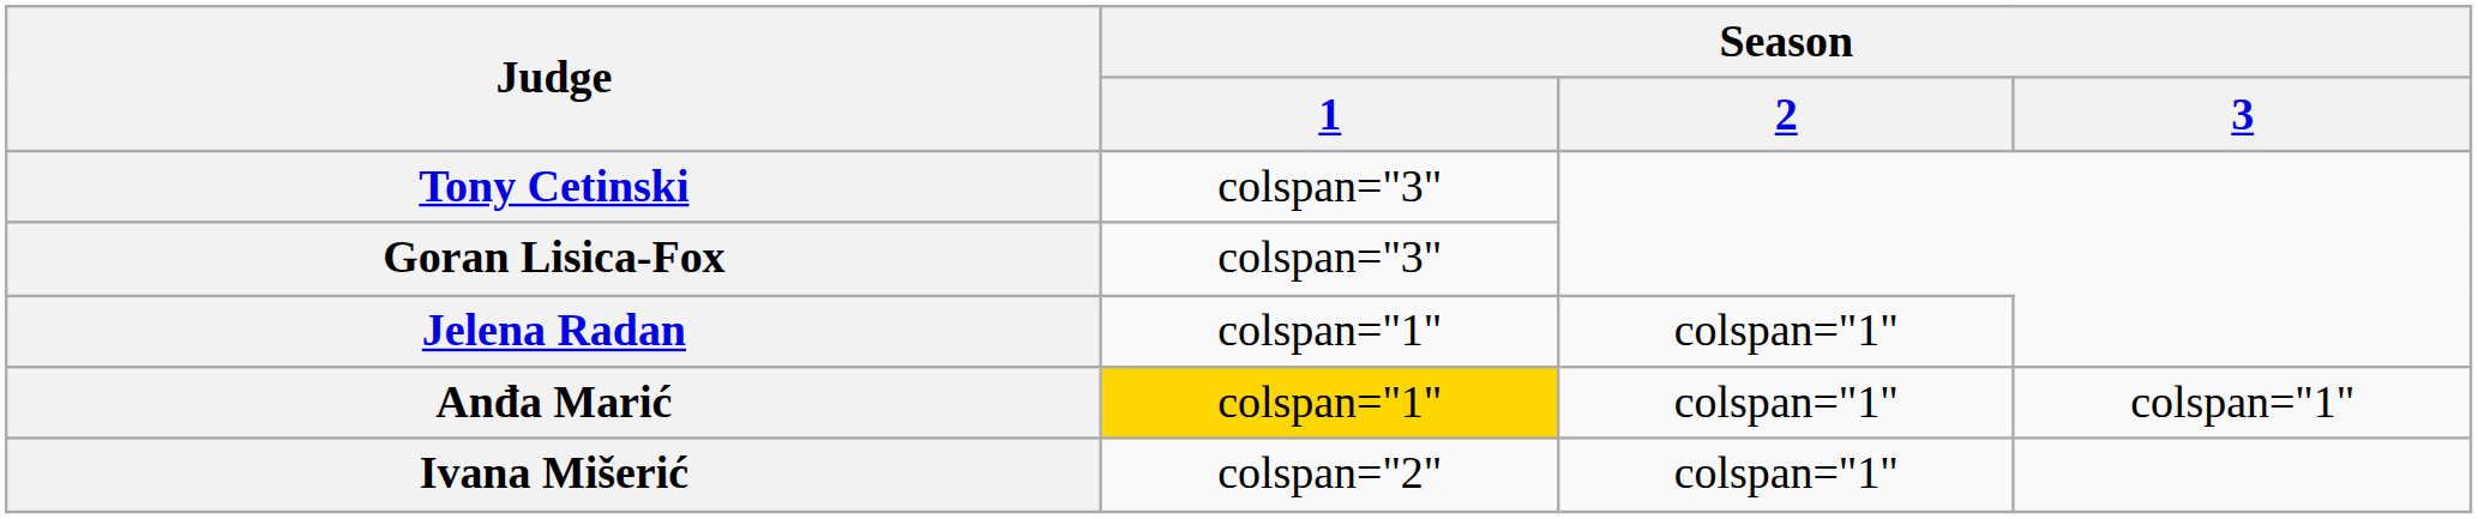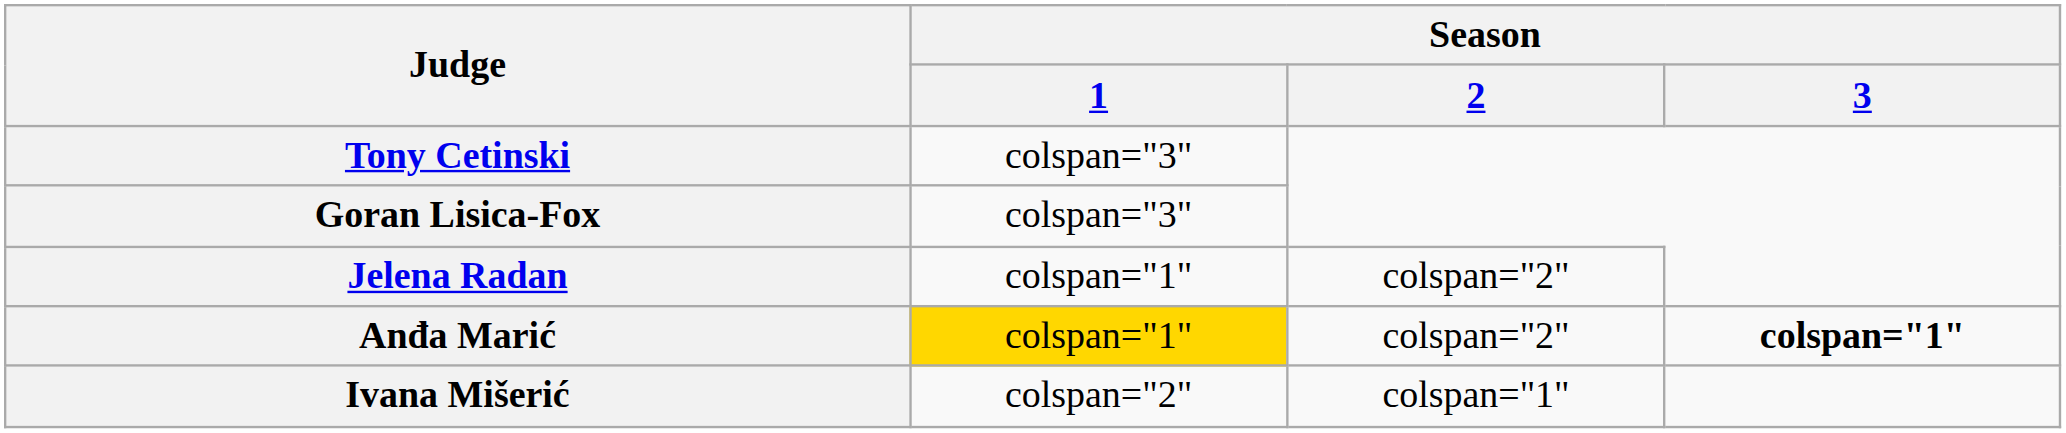 <table class="wikitable plainrowheaders" style="text-align:center">
 <tr>
 <th rowspan="2" style="width:20%;" scope="col">Judge</th>
 <th colspan="3">Season</th>
 </tr>
 <tr>
 <th style="width:7%;" scope="colspan"><a href='#'>1</a></th>
 <th style="width:7%;" scope="colspan"><a href='#'>2</a></th>
 <th style="width:7%;" scope="colspan"><a href='#'>3</a></th>
 </tr>
 <tr>
 <th scope="row" style="text-align: center;"><a href='#'>Tony Cetinski</a></th>
 <td>colspan="3" </td>
 </tr>
 <tr>
 <th scope="row" style="text-align: center;">Goran Lisica-Fox</th>
 <td>colspan="3" </td>
 </tr>
 <tr>
 <th scope="row" style="text-align: center;"><a href='#'>Jelena Radan</a></th>
 <td>colspan="1" </td>
-<td>colspan="1" </td>
+<td>colspan="2" </td>
 </tr>
 <tr>
 <th scope="row" style="text-align: center;">Anđa Marić</th>
 <td style="background: gold;">colspan="1" </td>
-<td>colspan="1" </td>
-<td>colspan="1" </td>
+<td>colspan="2" </td>
+<td><strong>colspan="1" </strong></td>
 </tr>
 <tr>
 <th scope="row" style="text-align: center;">Ivana Mišerić</th>
 <td>colspan="2" </td>
 <td>colspan="1" </td>
 </tr>
 </table>
